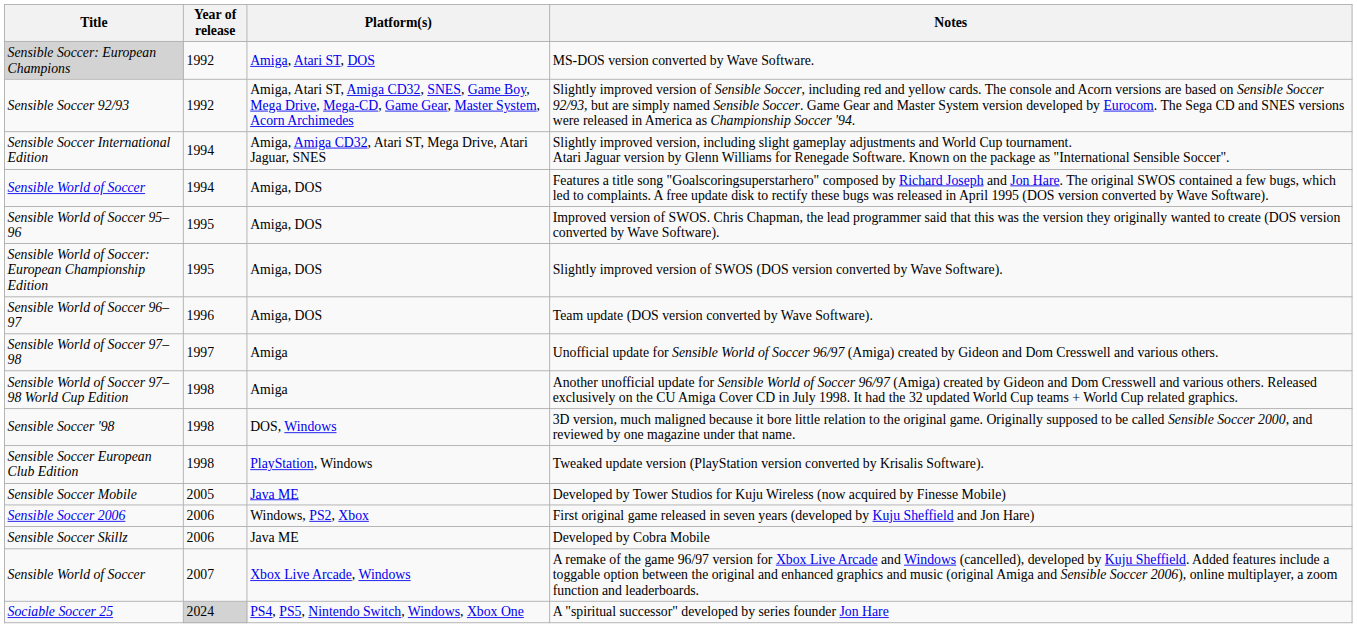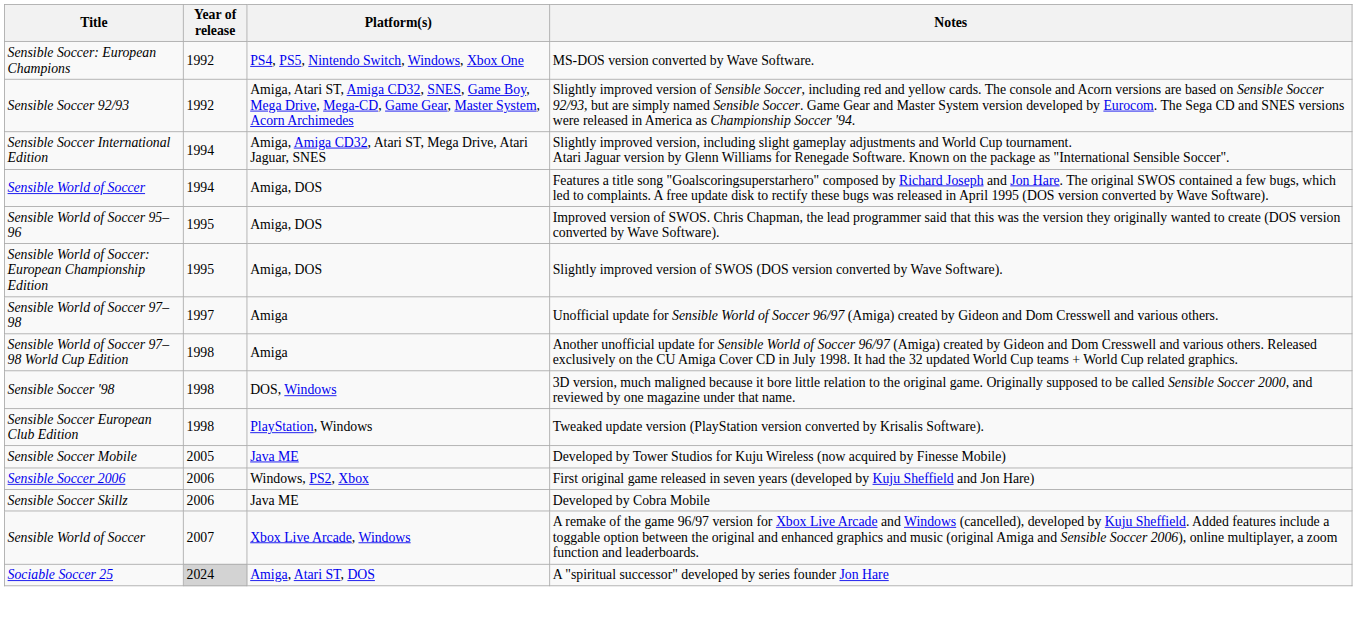 <table class="wikitable">
 <tr>
 <th>Title</th>
 <th>Year of release</th>
 <th>Platform(s)</th>
 <th>Notes</th>
 </tr>
 <tr>
-<td style="background: lightgrey;"><em>Sensible Soccer: European Champions</em></td>
+<td><em>Sensible Soccer: European Champions</em></td>
 <td>1992</td>
-<td><a href='#'>Amiga</a>, <a href='#'>Atari ST</a>, <a href='#'>DOS</a></td>
+<td><a href='#'>PS4</a>, <a href='#'>PS5</a>, <a href='#'>Nintendo Switch</a>, <a href='#'>Windows</a>, <a href='#'>Xbox One</a></td>
 <td>MS-DOS version converted by Wave Software.</td>
 </tr>
 <tr>
 <td><em>Sensible Soccer 92/93</em></td>
 <td>1992</td>
 <td>Amiga, Atari ST, <a href='#'>Amiga CD32</a>, <a href='#'>SNES</a>, <a href='#'>Game Boy</a>, <a href='#'>Mega Drive</a>, <a href='#'>Mega-CD</a>, <a href='#'>Game Gear</a>, <a href='#'>Master System</a>, <a href='#'>Acorn Archimedes</a></td>
 <td>Slightly improved version of <em>Sensible Soccer</em>, including red and yellow cards. The console and Acorn versions are based on <em>Sensible Soccer 92/93</em>, but are simply named <em>Sensible Soccer</em>. Game Gear and Master System version developed by <a href='#'>Eurocom</a>. The Sega CD and SNES versions were released in America as <em>Championship Soccer '94</em>.</td>
 </tr>
 <tr>
 <td><em>Sensible Soccer International Edition</em></td>
 <td>1994</td>
 <td>Amiga, <a href='#'>Amiga CD32</a>, Atari ST, Mega Drive, Atari Jaguar, SNES</td>
 <td>Slightly improved version, including slight gameplay adjustments and World Cup tournament.<br>Atari Jaguar version by Glenn Williams for Renegade Software. Known on the package as "International Sensible Soccer".</td>
 </tr>
 <tr>
 <td><em><a href='#'>Sensible World of Soccer</a> </em></td>
 <td>1994</td>
 <td>Amiga, DOS</td>
 <td>Features a title song "Goalscoringsuperstarhero" composed by <a href='#'>Richard Joseph</a> and <a href='#'>Jon Hare</a>. The original SWOS contained a few bugs, which led to complaints. A free update disk to rectify these bugs was released in April 1995 (DOS version converted by Wave Software).</td>
 </tr>
 <tr>
 <td><em>Sensible World of Soccer 95–96</em></td>
 <td>1995</td>
 <td>Amiga, DOS</td>
 <td>Improved version of SWOS. Chris Chapman, the lead programmer said that this was the version they originally wanted to create (DOS version converted by Wave Software).</td>
 </tr>
 <tr>
 <td><em>Sensible World of Soccer: European Championship Edition</em></td>
 <td>1995</td>
 <td>Amiga, DOS</td>
 <td>Slightly improved version of SWOS (DOS version converted by Wave Software).</td>
-</tr>
-<tr>
-<td><em>Sensible World of Soccer 96–97</em></td>
-<td>1996</td>
-<td>Amiga, DOS</td>
-<td>Team update (DOS version converted by Wave Software).</td>
 </tr>
 <tr>
 <td><em>Sensible World of Soccer 97–98</em></td>
 <td>1997</td>
 <td>Amiga</td>
 <td>Unofficial update for <em>Sensible World of Soccer 96/97</em> (Amiga) created by Gideon and Dom Cresswell and various others.</td>
 </tr>
 <tr>
 <td><em>Sensible World of Soccer 97–98 World Cup Edition</em></td>
 <td>1998</td>
 <td>Amiga</td>
 <td>Another unofficial update for <em>Sensible World of Soccer 96/97</em> (Amiga) created by Gideon and Dom Cresswell and various others. Released exclusively on the CU Amiga Cover CD in July 1998. It had the 32 updated World Cup teams + World Cup related graphics.</td>
 </tr>
 <tr>
 <td><em>Sensible Soccer '98</em></td>
 <td>1998</td>
 <td>DOS, <a href='#'>Windows</a></td>
 <td>3D version, much maligned because it bore little relation to the original game. Originally supposed to be called <em>Sensible Soccer 2000</em>, and reviewed by one magazine under that name.</td>
 </tr>
 <tr>
 <td><em>Sensible Soccer European Club Edition</em></td>
 <td>1998</td>
 <td><a href='#'>PlayStation</a>, Windows</td>
 <td>Tweaked update version (PlayStation version converted by Krisalis Software).</td>
 </tr>
 <tr>
 <td><em>Sensible Soccer Mobile</em></td>
 <td>2005</td>
 <td><a href='#'>Java ME</a></td>
 <td>Developed by Tower Studios for Kuju Wireless (now acquired by Finesse Mobile)</td>
 </tr>
 <tr>
 <td><em><a href='#'>Sensible Soccer 2006</a></em></td>
 <td>2006</td>
 <td>Windows, <a href='#'>PS2</a>, <a href='#'>Xbox</a></td>
 <td>First original game released in seven years (developed by <a href='#'>Kuju Sheffield</a> and Jon Hare)</td>
 </tr>
 <tr>
 <td><em>Sensible Soccer Skillz</em></td>
 <td>2006</td>
 <td>Java ME</td>
 <td>Developed by Cobra Mobile</td>
 </tr>
 <tr>
 <td><em>Sensible World of Soccer</em></td>
 <td>2007</td>
 <td><a href='#'>Xbox Live Arcade</a>, <a href='#'>Windows</a></td>
 <td>A remake of the game 96/97 version for <a href='#'>Xbox Live Arcade</a> and <a href='#'>Windows</a> (cancelled), developed by <a href='#'>Kuju Sheffield</a>. Added features include a toggable option between the original and enhanced graphics and music (original Amiga and <em>Sensible Soccer 2006</em>), online multiplayer, a zoom function and leaderboards.</td>
 </tr>
 <tr>
 <td><em><a href='#'>Sociable Soccer 25</a></em></td>
 <td style="background: lightgrey;">2024</td>
-<td><a href='#'>PS4</a>, <a href='#'>PS5</a>, <a href='#'>Nintendo Switch</a>, <a href='#'>Windows</a>, <a href='#'>Xbox One</a></td>
+<td><a href='#'>Amiga</a>, <a href='#'>Atari ST</a>, <a href='#'>DOS</a></td>
 <td>A "spiritual successor" developed by series founder <a href='#'>Jon Hare</a></td>
 </tr>
 </table>
